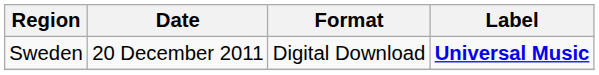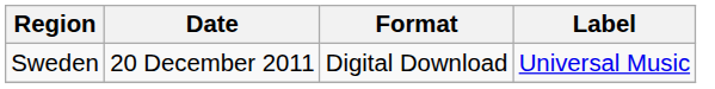 <table class=wikitable>
 <tr>
 <th>Region</th>
 <th>Date</th>
 <th>Format</th>
 <th>Label</th>
 </tr>
 <tr>
 <td>Sweden</td>
 <td>20 December 2011</td>
 <td>Digital Download</td>
-<td><strong><a href='#'>Universal Music</a></strong></td>
+<td><a href='#'>Universal Music</a></td>
 </tr>
 <tr>
 </tr>
 </table>
